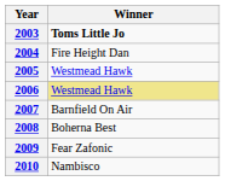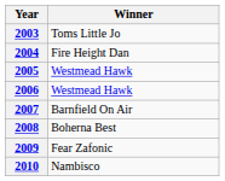 <table class="wikitable">
 <tr>
 <th width=50>Year</th>
 <th width=220>Winner</th>
 </tr>
 <tr>
 <th><a href='#'>2003</a></th>
-<td><strong>Toms Little Jo</strong></td>
+<td>Toms Little Jo</td>
 </tr>
 <tr>
 <th><a href='#'>2004</a></th>
 <td>Fire Height Dan</td>
 </tr>
 <tr>
 <th><a href='#'>2005</a></th>
 <td><a href='#'>Westmead Hawk</a></td>
 </tr>
 <tr>
 <th><a href='#'>2006</a></th>
-<td style="background: khaki;"><a href='#'>Westmead Hawk</a></td>
+<td><a href='#'>Westmead Hawk</a></td>
 </tr>
 <tr>
 <th><a href='#'>2007</a></th>
 <td>Barnfield On Air</td>
 </tr>
 <tr>
 <th><a href='#'>2008</a></th>
 <td>Boherna Best</td>
 </tr>
 <tr>
 <th><a href='#'>2009</a></th>
 <td>Fear Zafonic</td>
 </tr>
 <tr>
 <th><a href='#'>2010</a></th>
 <td>Nambisco</td>
 </tr>
 </table>
